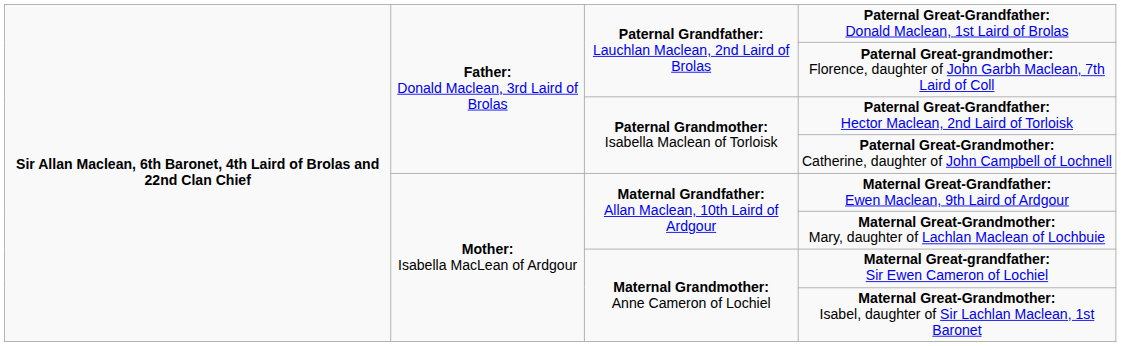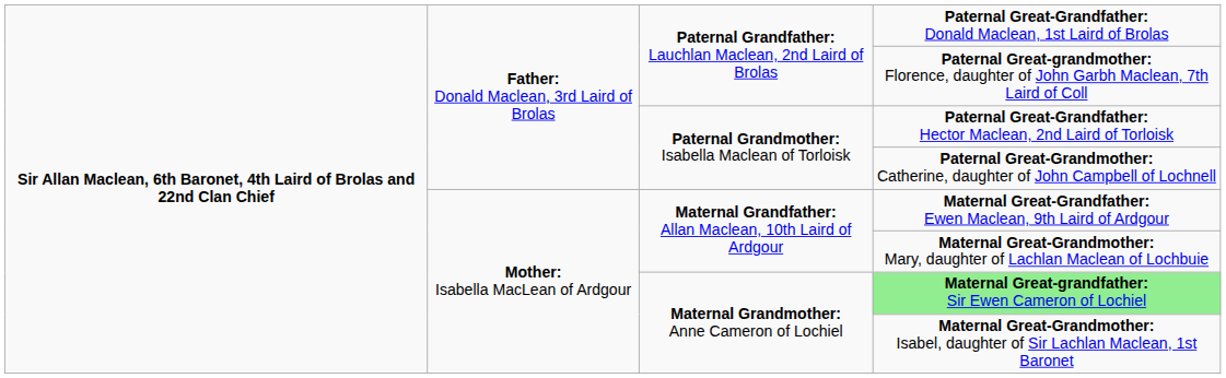 <table class="wikitable" style="margin:1em auto;">
 <tr style="text-align:center;">
 <td rowspan="8"><strong>Sir Allan Maclean, 6th Baronet, 4th Laird of Brolas and 22nd Clan Chief</strong></td>
 <td rowspan="4"><strong>Father:</strong><br><a href='#'>Donald Maclean, 3rd Laird of Brolas</a></td>
 <td rowspan="2"><strong>Paternal Grandfather:</strong><br><a href='#'>Lauchlan Maclean, 2nd Laird of Brolas</a></td>
 <td><strong>Paternal Great-Grandfather:</strong><br><a href='#'>Donald Maclean, 1st Laird of Brolas</a></td>
 </tr>
 <tr>
 <td style="text-align:center;"><strong>Paternal Great-grandmother:</strong><br>Florence, daughter of <a href='#'>John Garbh Maclean, 7th Laird of Coll</a></td>
 </tr>
 <tr style="text-align:center;">
 <td rowspan="2"><strong>Paternal Grandmother:</strong><br>Isabella Maclean of Torloisk</td>
 <td><strong>Paternal Great-Grandfather:</strong><br><a href='#'>Hector Maclean, 2nd Laird of Torloisk</a></td>
 </tr>
 <tr>
 <td style="text-align:center;"><strong>Paternal Great-Grandmother:</strong><br>Catherine, daughter of <a href='#'>John Campbell of Lochnell</a></td>
 </tr>
 <tr style="text-align:center;">
 <td rowspan="4"><strong>Mother:</strong><br>Isabella MacLean of Ardgour</td>
 <td rowspan="2"><strong>Maternal Grandfather:</strong><br><a href='#'>Allan Maclean, 10th Laird of Ardgour</a></td>
 <td><strong>Maternal Great-Grandfather:</strong><br><a href='#'>Ewen Maclean, 9th Laird of Ardgour</a></td>
 </tr>
 <tr>
 <td style="text-align:center;"><strong>Maternal Great-Grandmother:</strong><br>Mary, daughter of <a href='#'>Lachlan Maclean of Lochbuie</a></td>
 </tr>
 <tr style="text-align:center;">
 <td rowspan="2"><strong>Maternal Grandmother:</strong><br>Anne Cameron of Lochiel</td>
-<td><strong>Maternal Great-grandfather:</strong><br><a href='#'>Sir Ewen Cameron of Lochiel</a></td>
+<td style="background: lightgreen;"><strong>Maternal Great-grandfather:</strong><br><a href='#'>Sir Ewen Cameron of Lochiel</a></td>
 </tr>
 <tr>
 <td style="text-align:center;"><strong>Maternal Great-Grandmother:</strong><br>Isabel, daughter of <a href='#'>Sir Lachlan Maclean, 1st Baronet</a></td>
 </tr>
 </table>
